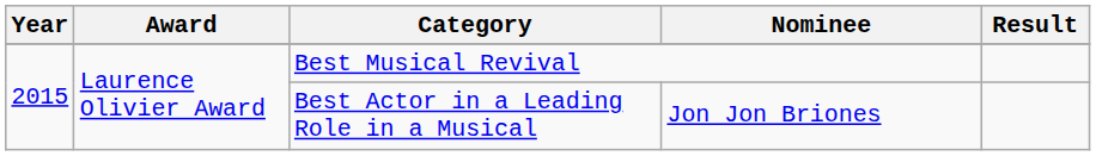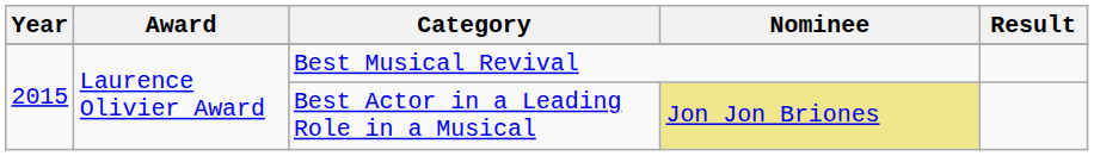 <table class="wikitable" style="width:95%;">
 <tr>
 <th width=5%>Year</th>
 <th style="width:20%;">Award</th>
 <th style="width:35%;">Category</th>
 <th style="width:30%;">Nominee</th>
 <th style="width:10%;">Result</th>
 </tr>
 <tr>
 </tr>
 <tr>
 <td rowspan=2 style="text-align:center"><a href='#'>2015</a></td>
 <td rowspan=2><a href='#'>Laurence Olivier Award</a></td>
 <td colspan=2><a href='#'>Best Musical Revival</a></td>
 <td></td>
 </tr>
 <tr>
 <td><a href='#'>Best Actor in a Leading Role in a Musical</a></td>
-<td><a href='#'>Jon Jon Briones</a></td>
+<td style="background: khaki;"><a href='#'>Jon Jon Briones</a></td>
 <td></td>
 </tr>
 </table>
